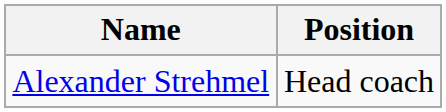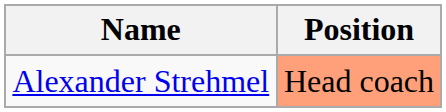 <table class="wikitable">
 <tr>
 <th>Name</th>
 <th>Position</th>
 </tr>
 <tr>
 <td> <a href='#'>Alexander Strehmel</a></td>
-<td>Head coach</td>
+<td style="background: lightsalmon;">Head coach</td>
 </tr>
 <tr>
 </tr>
 </table>
